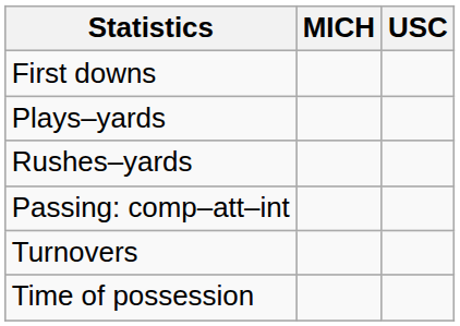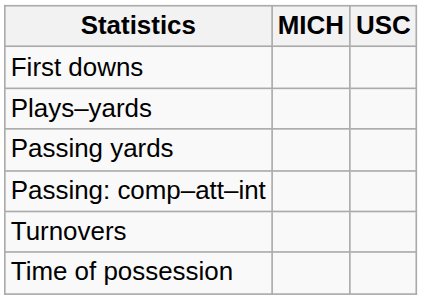 <table class="wikitable" style="float:left">
 <tr>
 <th>Statistics</th>
 <th>MICH</th>
 <th>USC</th>
 </tr>
 <tr>
 <td>First downs</td>
 <td></td>
 <td></td>
 </tr>
 <tr>
 <td>Plays–yards</td>
 <td></td>
 <td></td>
 </tr>
 <tr>
-<td>Rushes–yards</td>
+<td>Passing yards</td>
 <td></td>
 <td></td>
 </tr>
 <tr>
 <td>Passing: comp–att–int</td>
 <td></td>
 <td></td>
 </tr>
 <tr>
 <td>Turnovers</td>
 <td></td>
 <td></td>
 </tr>
 <tr>
 <td>Time of possession</td>
 <td></td>
 <td></td>
 </tr>
 </table>
